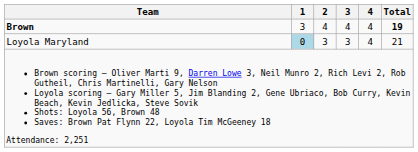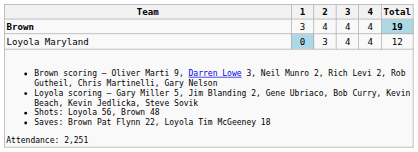 <table class="wikitable" style="text-align:center; max-width:45em">
 <tr>
 <th>Team</th>
 <th style="width:2em">1</th>
 <th style="width:2em">2</th>
 <th style="width:2em">3</th>
 <th style="width:2em">4</th>
 <th style="width:2em">Total</th>
 </tr>
 <tr>
 <td style="text-align:left"><strong>Brown</strong></td>
 <td>3</td>
 <td>4</td>
 <td>4</td>
 <td>4</td>
-<td><strong>19</strong></td>
+<td style="background: lightblue;"><strong>19</strong></td>
 </tr>
 <tr>
 <td style="text-align:left">Loyola Maryland</td>
 <td style="background: lightblue;">0</td>
 <td>3</td>
-<td>3</td>
 <td>4</td>
-<td>21</td>
+<td>4</td>
+<td>12</td>
 </tr>
 <tr>
 <td colspan=6 style="text-align:left; font-size:88%;"><br><ul><li>Brown scoring – Oliver Marti 9, <a href='#'>Darren Lowe</a> 3, Neil Munro 2, Rich Levi 2, Rob Gutheil, Chris Martinelli, Gary Nelson</li><li>Loyola scoring – Gary Miller 5, Jim Blanding 2, Gene Ubriaco, Bob Curry, Kevin Beach, Kevin Jedlicka, Steve Sovik</li><li>Shots: Loyola 56, Brown 48</li><li>Saves: Brown Pat Flynn 22, Loyola Tim McGeeney 18</li></ul>Attendance: 2,251 </td>
 </tr>
 </table>
